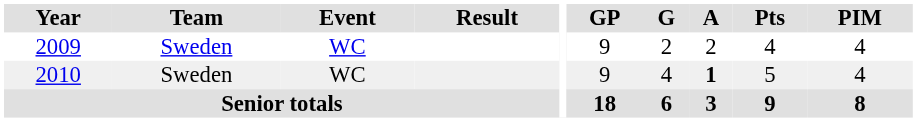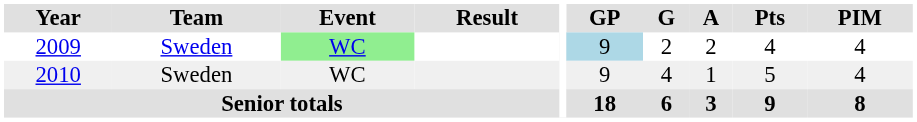 <table border="0" cellpadding="1" cellspacing="0" ID="Table3" style="text-align:center; width:40em">
 <tr ALIGN="center" bgcolor="#e0e0e0">
 <th>Year</th>
 <th>Team</th>
 <th>Event</th>
 <th>Result</th>
 <th rowspan="99" bgcolor="#ffffff"></th>
 <th>GP</th>
 <th>G</th>
 <th>A</th>
 <th>Pts</th>
 <th>PIM</th>
 </tr>
 <tr>
 <td><a href='#'>2009</a></td>
 <td><a href='#'>Sweden</a></td>
-<td><a href='#'>WC</a></td>
+<td style="background: lightgreen;"><a href='#'>WC</a></td>
 <td></td>
-<td>9</td>
+<td style="background: lightblue;">9</td>
 <td>2</td>
 <td>2</td>
 <td>4</td>
 <td>4</td>
 </tr>
 <tr bgcolor="#f0f0f0">
 <td><a href='#'>2010</a></td>
 <td>Sweden</td>
 <td>WC</td>
 <td></td>
 <td>9</td>
 <td>4</td>
-<td><strong>1</strong></td>
+<td>1</td>
 <td>5</td>
 <td>4</td>
 </tr>
 <tr bgcolor="#e0e0e0">
 <th colspan="4">Senior totals</th>
 <th>18</th>
 <th>6</th>
 <th>3</th>
 <th>9</th>
 <th>8</th>
 </tr>
 </table>
